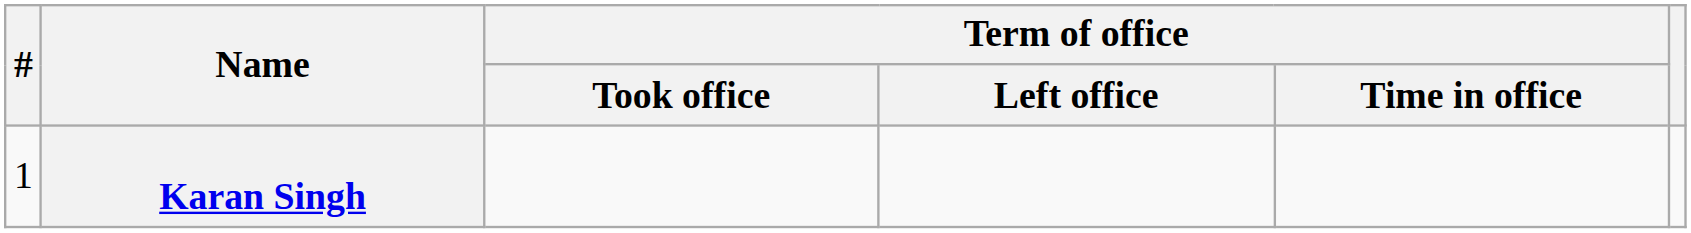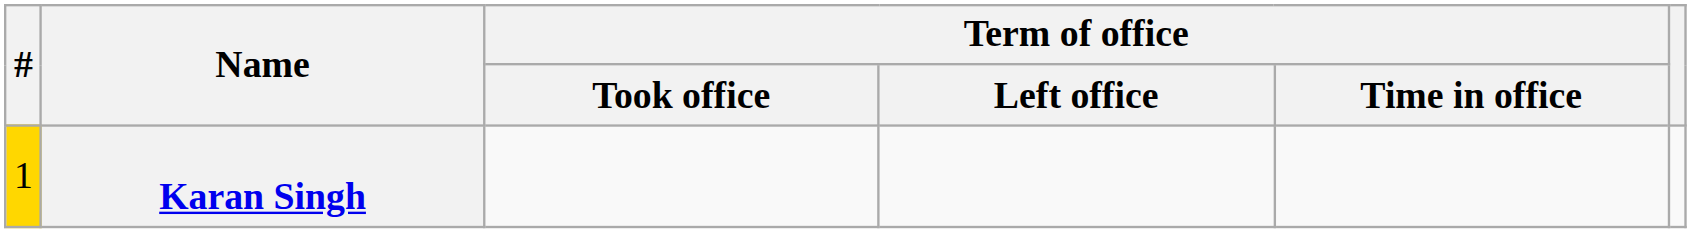 <table class="wikitable sortable plainrowheaders" style="text-align:center;">
 <tr>
 <th scope="col" rowspan="2">#</th>
 <th scope="col" rowspan="2" width="180px">Name</th>
 <th scope="col" colspan="3">Term of office</th>
 <th scope="col" rowspan="2"></th>
 </tr>
 <tr>
 <th scope="col" width="160px">Took office</th>
 <th scope="col" width="160px">Left office</th>
 <th scope="col" width="160px">Time in office</th>
 </tr>
 <tr>
-<td>1</td>
+<td style="background: gold;">1</td>
 <th scope="row"><br><strong><a href='#'>Karan Singh</a></strong></th>
 <td></td>
 <td></td>
 <td></td>
 <td></td>
 </tr>
 </table>
